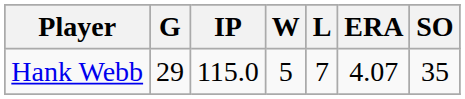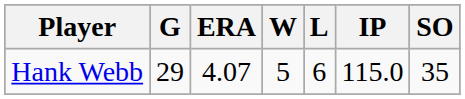 <table class="wikitable sortable">
 <tr>
 <th>Player</th>
 <th>G</th>
-<th>IP</th>
+<th>ERA</th>
 <th>W</th>
 <th>L</th>
-<th>ERA</th>
+<th>IP</th>
 <th>SO</th>
 </tr>
 <tr align="center">
 <td><a href='#'>Hank Webb</a></td>
 <td>29</td>
+<td>4.07</td>
+<td>5</td>
+<td>6</td>
 <td>115.0</td>
-<td>5</td>
-<td>7</td>
-<td>4.07</td>
 <td>35</td>
 </tr>
 </table>
